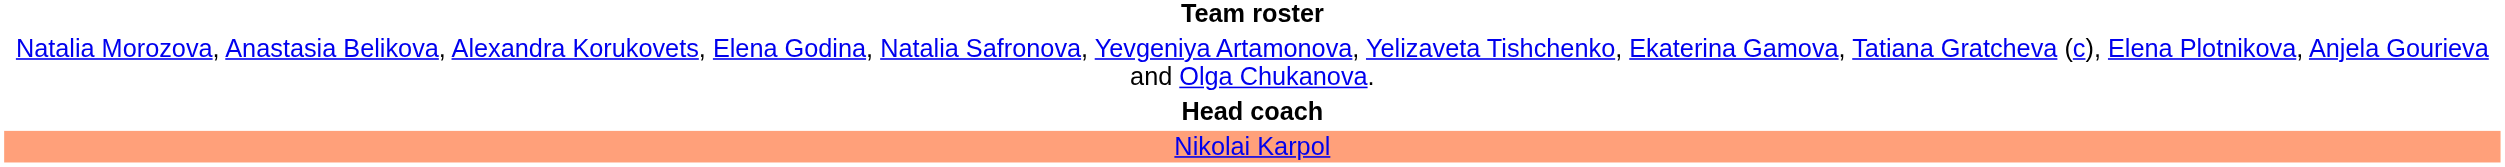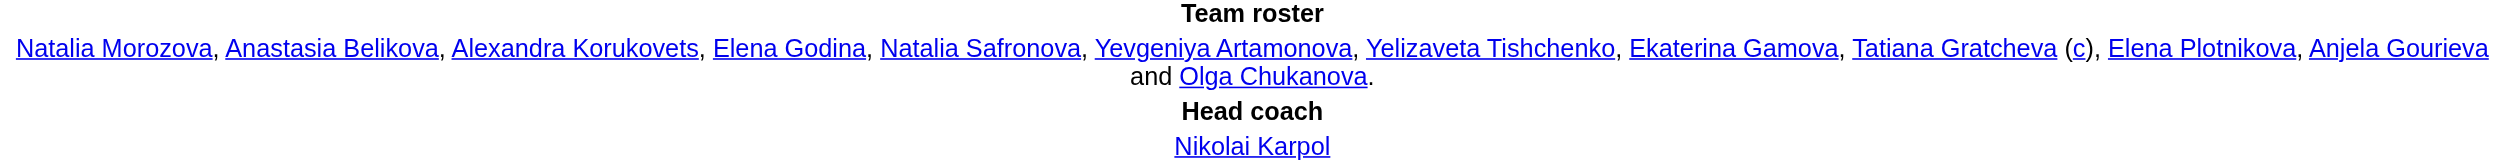 <table style="text-align:center;margin-top:2em;margin-left:auto;margin-right:auto">
 <tr>
 <td><strong>Team roster</strong></td>
 </tr>
 <tr>
 <td><a href='#'>Natalia Morozova</a>, <a href='#'>Anastasia Belikova</a>, <a href='#'>Alexandra Korukovets</a>, <a href='#'>Elena Godina</a>, <a href='#'>Natalia Safronova</a>, <a href='#'>Yevgeniya Artamonova</a>, <a href='#'>Yelizaveta Tishchenko</a>, <a href='#'>Ekaterina Gamova</a>, <a href='#'>Tatiana Gratcheva</a> (<a href='#'>c</a>), <a href='#'>Elena Plotnikova</a>, <a href='#'>Anjela Gourieva</a> and <a href='#'>Olga Chukanova</a>.</td>
 </tr>
 <tr>
 <td><strong>Head coach</strong></td>
 </tr>
 <tr>
-<td style="background: lightsalmon;"><a href='#'>Nikolai Karpol</a></td>
+<td><a href='#'>Nikolai Karpol</a></td>
 </tr>
 </table>
